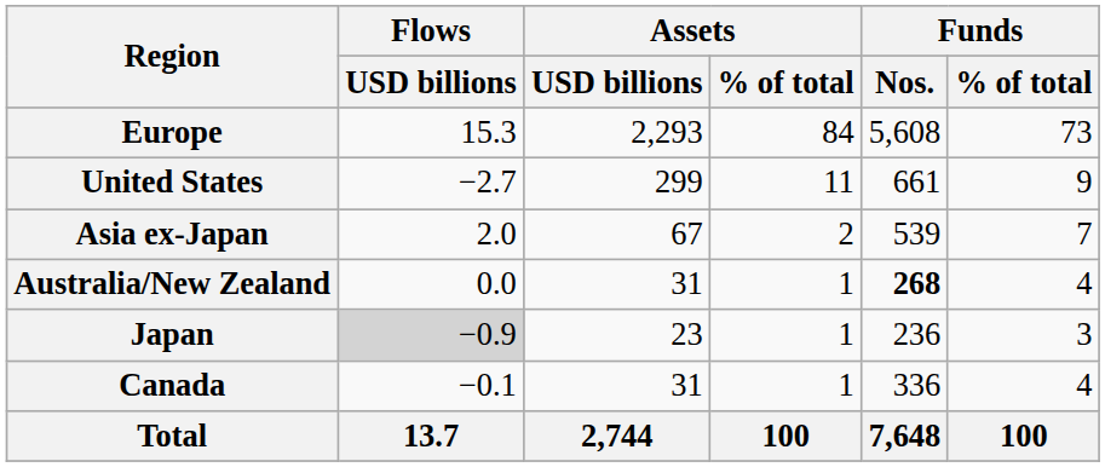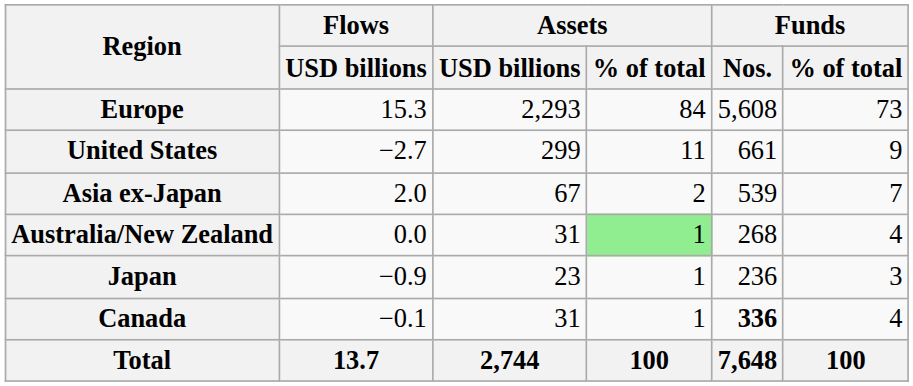 <table class="wikitable" style="margin:1em auto; text-align:right;">
 <tr>
 <th rowspan=2>Region</th>
 <th>Flows</th>
 <th colspan="2">Assets</th>
 <th colspan="2">Funds</th>
 </tr>
 <tr>
 <th>USD billions</th>
 <th>USD billions</th>
 <th>% of total</th>
 <th>Nos.</th>
 <th>% of total</th>
 </tr>
 <tr>
 <th>Europe</th>
 <td>15.3</td>
 <td>2,293</td>
 <td>84</td>
 <td>5,608</td>
 <td>73</td>
 </tr>
 <tr>
 <th>United States</th>
 <td>−2.7</td>
 <td>299</td>
 <td>11</td>
 <td>661</td>
 <td>9</td>
 </tr>
 <tr>
 <th>Asia ex-Japan</th>
 <td>2.0</td>
 <td>67</td>
 <td>2</td>
 <td>539</td>
 <td>7</td>
 </tr>
 <tr>
 <th>Australia/New Zealand</th>
 <td>0.0</td>
 <td>31</td>
-<td>1</td>
-<td><strong>268</strong></td>
+<td style="background: lightgreen;">1</td>
+<td>268</td>
 <td>4</td>
 </tr>
 <tr>
 <th>Japan</th>
-<td style="background: lightgrey;">−0.9</td>
+<td>−0.9</td>
 <td>23</td>
 <td>1</td>
 <td>236</td>
 <td>3</td>
 </tr>
 <tr>
 <th>Canada</th>
 <td>−0.1</td>
 <td>31</td>
 <td>1</td>
-<td>336</td>
+<td><strong>336</strong></td>
 <td>4</td>
 </tr>
 <tr>
 <th>Total</th>
 <th>13.7</th>
 <th>2,744</th>
 <th>100</th>
 <th>7,648</th>
 <th>100</th>
 </tr>
 </table>
